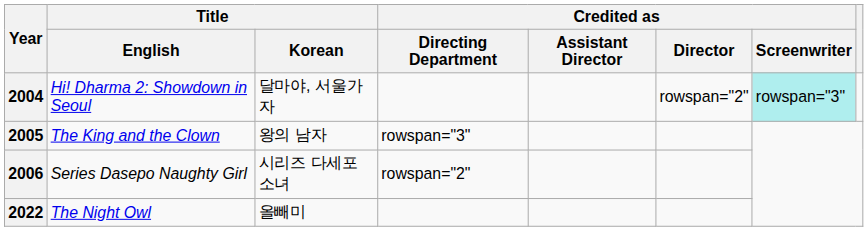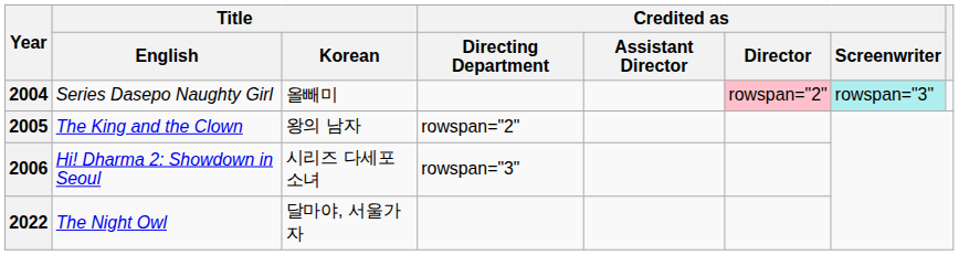 <table class="wikitable plainrowheaders">
 <tr>
 <th rowspan="2">Year</th>
 <th colspan="2">Title</th>
 <th colspan="4">Credited as</th>
 <th rowspan="2" scope="col" class="unsortable"></th>
 </tr>
 <tr>
 <th>English</th>
 <th>Korean</th>
 <th>Directing Department</th>
 <th>Assistant Director</th>
 <th>Director</th>
 <th>Screenwriter</th>
 </tr>
 <tr>
 <th scope="row">2004</th>
-<td><em><a href='#'>Hi! Dharma 2: Showdown in Seoul</a></em></td>
-<td>달마야, 서울가자</td>
+<td><em>Series Dasepo Naughty Girl</em></td>
+<td>올빼미</td>
 <td></td>
 <td></td>
-<td>rowspan="2" </td>
+<td style="background: pink;">rowspan="2" </td>
 <td style="background: paleturquoise;">rowspan="3" </td>
 <td></td>
 </tr>
 <tr>
 <th scope="row">2005</th>
 <td><em><a href='#'>The King and the Clown</a></em></td>
 <td>왕의 남자</td>
-<td>rowspan="3" </td>
+<td>rowspan="2" </td>
 <td></td>
 <td></td>
 </tr>
 <tr>
 <th scope="row">2006</th>
-<td><em>Series Dasepo Naughty Girl</em></td>
+<td><em><a href='#'>Hi! Dharma 2: Showdown in Seoul</a></em></td>
 <td>시리즈 다세포 소녀</td>
-<td>rowspan="2" </td>
+<td>rowspan="3" </td>
 <td></td>
 <td></td>
 </tr>
 <tr>
 <th scope="row">2022</th>
 <td><em><a href='#'>The Night Owl</a></em></td>
-<td>올빼미</td>
+<td>달마야, 서울가자</td>
 <td></td>
 <td></td>
 <td></td>
 </tr>
 </table>
